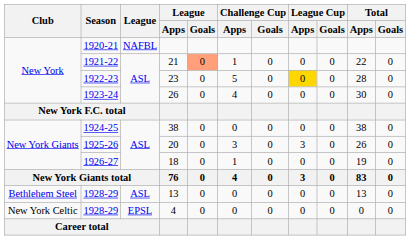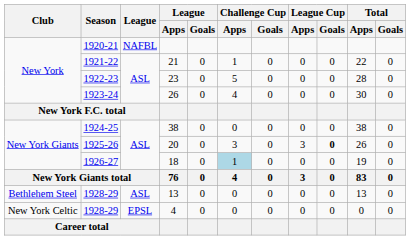 <table class="wikitable" style="text-align:center;">
 <tr>
 <th rowspan="2">Club</th>
 <th rowspan="2">Season</th>
 <th rowspan="2">League</th>
 <th colspan="2">League</th>
 <th colspan="2">Challenge Cup</th>
 <th colspan="2">League Cup</th>
 <th colspan="2">Total</th>
 </tr>
 <tr>
 <th>Apps</th>
 <th>Goals</th>
 <th>Apps</th>
 <th>Goals</th>
 <th>Apps</th>
 <th>Goals</th>
 <th>Apps</th>
 <th>Goals</th>
 </tr>
 <tr>
 <td rowspan="4"><a href='#'>New York</a></td>
 <td><a href='#'>1920-21</a></td>
 <td><a href='#'>NAFBL</a></td>
 <td></td>
 <td></td>
 <td></td>
 <td></td>
 <td></td>
 <td></td>
 <td></td>
 <td></td>
 </tr>
 <tr>
 <td><a href='#'>1921-22</a></td>
 <td rowspan="3"><a href='#'>ASL</a></td>
 <td>21</td>
-<td style="background: lightsalmon;">0</td>
+<td>0</td>
 <td>1</td>
 <td>0</td>
 <td>0</td>
 <td>0</td>
 <td>22</td>
 <td>0</td>
 </tr>
 <tr>
 <td><a href='#'>1922-23</a></td>
 <td>23</td>
 <td>0</td>
 <td>5</td>
 <td>0</td>
-<td style="background: gold;">0</td>
+<td>0</td>
 <td>0</td>
 <td>28</td>
 <td>0</td>
 </tr>
 <tr>
 <td><a href='#'>1923-24</a></td>
 <td>26</td>
 <td>0</td>
 <td>4</td>
 <td>0</td>
 <td>0</td>
 <td>0</td>
 <td>30</td>
 <td>0</td>
 </tr>
 <tr>
 <th colspan="3">New York F.C. total</th>
 <th></th>
 <th></th>
 <th></th>
 <th></th>
 <th></th>
 <th></th>
 <th></th>
 <th></th>
 </tr>
 <tr>
 <td rowspan="3"><a href='#'>New York Giants</a></td>
 <td><a href='#'>1924-25</a></td>
 <td rowspan="3"><a href='#'>ASL</a></td>
 <td>38</td>
 <td>0</td>
 <td>0</td>
 <td>0</td>
 <td>0</td>
 <td>0</td>
 <td>38</td>
 <td>0</td>
 </tr>
 <tr>
 <td><a href='#'>1925-26</a></td>
 <td>20</td>
 <td>0</td>
 <td>3</td>
 <td>0</td>
 <td>3</td>
-<td>0</td>
+<td><strong>0</strong></td>
 <td>26</td>
 <td>0</td>
 </tr>
 <tr>
 <td><a href='#'>1926-27</a></td>
 <td>18</td>
 <td>0</td>
-<td>1</td>
+<td style="background: lightblue;">1</td>
 <td>0</td>
 <td>0</td>
 <td>0</td>
 <td>19</td>
 <td>0</td>
 </tr>
 <tr>
 <th colspan="3">New York Giants total</th>
 <th>76</th>
 <th>0</th>
 <th>4</th>
 <th>0</th>
 <th>3</th>
 <th>0</th>
 <th>83</th>
 <th>0</th>
 </tr>
 <tr>
 <td><a href='#'>Bethlehem Steel</a></td>
 <td><a href='#'>1928-29</a></td>
 <td><a href='#'>ASL</a></td>
 <td>13</td>
 <td>0</td>
 <td>0</td>
 <td>0</td>
 <td>0</td>
 <td>0</td>
 <td>13</td>
 <td>0</td>
 </tr>
 <tr>
 <td>New York Celtic</td>
 <td><a href='#'>1928-29</a></td>
 <td><a href='#'>EPSL</a></td>
 <td>4</td>
 <td>0</td>
 <td>0</td>
 <td>0</td>
 <td>0</td>
 <td>0</td>
 <td>0</td>
 <td>0</td>
 </tr>
 <tr>
 <th colspan="3">Career total</th>
 <th></th>
 <th></th>
 <th></th>
 <th></th>
 <th></th>
 <th></th>
 <th></th>
 <th></th>
 </tr>
 </table>
